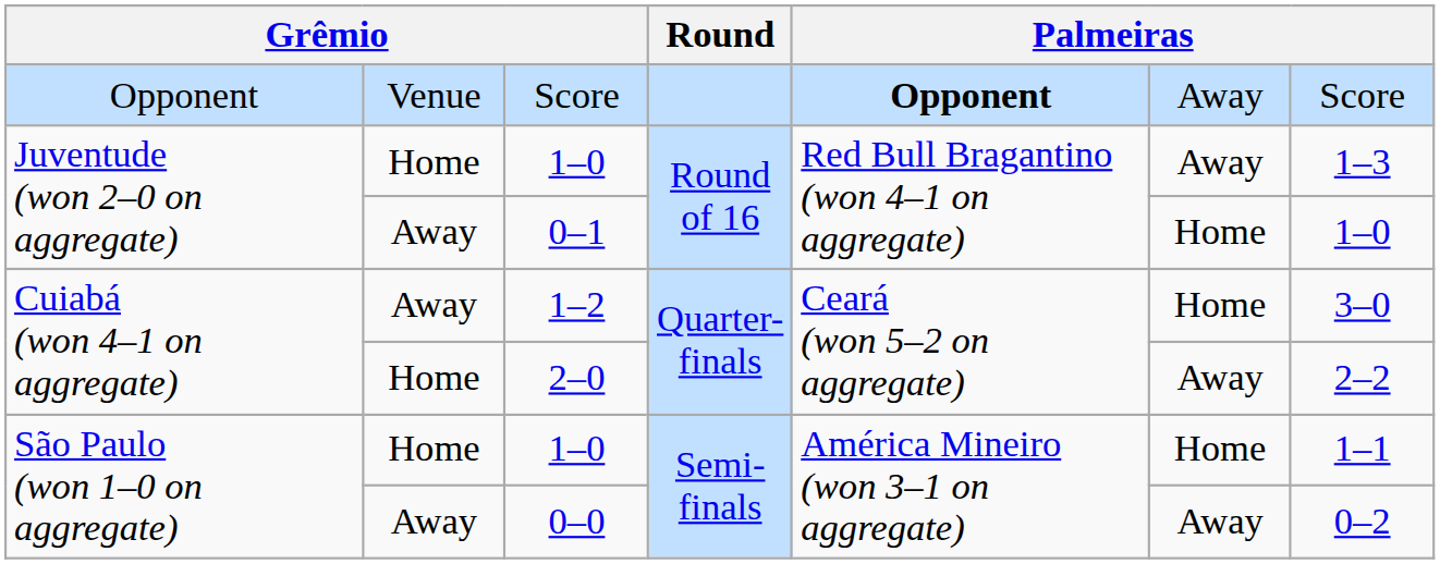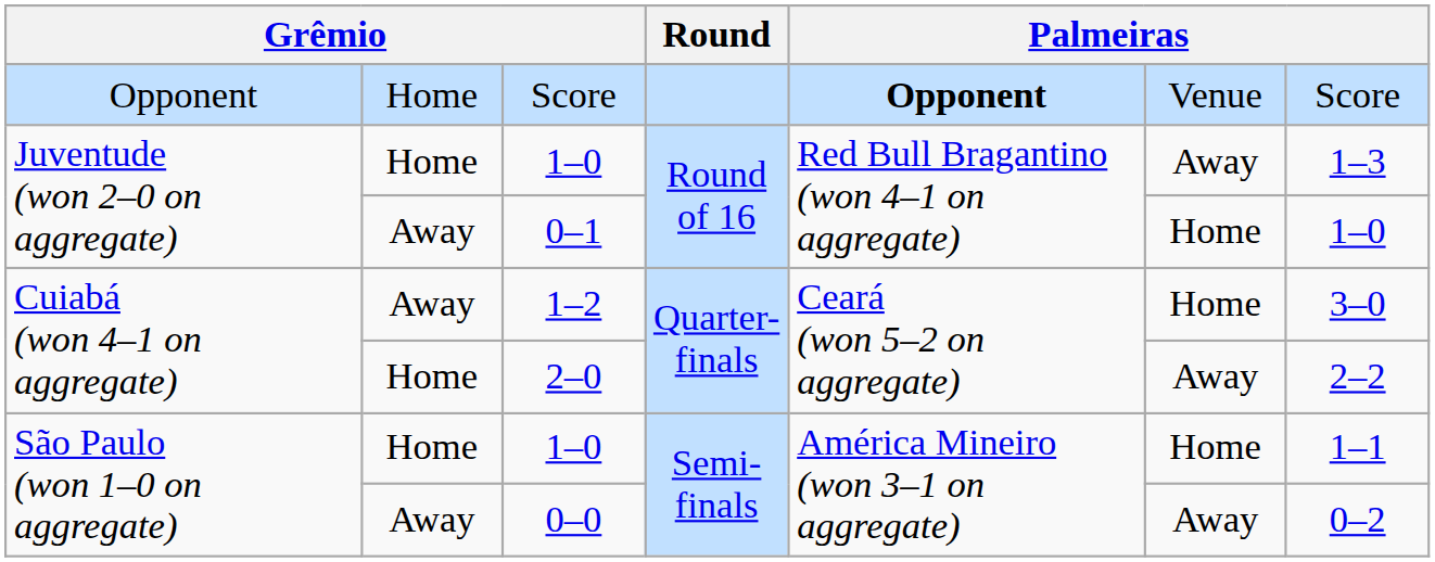 <table class="wikitable" style="text-align: center;">
 <tr>
 <th colspan=3> <a href='#'>Grêmio</a></th>
 <th>Round</th>
 <th colspan=3> <a href='#'>Palmeiras</a></th>
 </tr>
 <tr bgcolor=#c1e0ff>
 <td width=25%>Opponent</td>
-<td width=10%>Venue</td>
+<td>Home</td>
 <td width=10%>Score</td>
 <td width=10%></td>
 <td width=25%><strong>Opponent</strong></td>
-<td>Away</td>
+<td width=10%>Venue</td>
 <td width=10%>Score</td>
 </tr>
 <tr>
 <td rowspan=2 align=left> <a href='#'>Juventude</a><br><em>(won 2–0 on aggregate)</em></td>
 <td>Home</td>
 <td><a href='#'>1–0</a></td>
 <td rowspan=2 bgcolor=#c1e0ff><a href='#'>Round of 16</a></td>
 <td rowspan=2 align=left> <a href='#'>Red Bull Bragantino</a><br><em>(won 4–1 on aggregate)</em></td>
 <td>Away</td>
 <td><a href='#'>1–3</a></td>
 </tr>
 <tr>
 <td>Away</td>
 <td><a href='#'>0–1</a></td>
 <td>Home</td>
 <td><a href='#'>1–0</a></td>
 </tr>
 <tr>
 <td rowspan=2 align=left> <a href='#'>Cuiabá</a><br><em>(won 4–1 on aggregate)</em></td>
 <td>Away</td>
 <td><a href='#'>1–2</a></td>
 <td rowspan=2 bgcolor=#c1e0ff><a href='#'>Quarter-finals</a></td>
 <td rowspan=2 align=left> <a href='#'>Ceará</a><br><em>(won 5–2 on aggregate)</em></td>
 <td>Home</td>
 <td><a href='#'>3–0</a></td>
 </tr>
 <tr>
 <td>Home</td>
 <td><a href='#'>2–0</a></td>
 <td>Away</td>
 <td><a href='#'>2–2</a></td>
 </tr>
 <tr>
 <td rowspan=2 align=left> <a href='#'>São Paulo</a><br><em>(won 1–0 on aggregate)</em></td>
 <td>Home</td>
 <td><a href='#'>1–0</a></td>
 <td rowspan=2 bgcolor=#c1e0ff><a href='#'>Semi-finals</a></td>
 <td rowspan=2 align=left> <a href='#'>América Mineiro</a><br><em>(won 3–1 on aggregate)</em></td>
 <td>Home</td>
 <td><a href='#'>1–1</a></td>
 </tr>
 <tr>
 <td>Away</td>
 <td><a href='#'>0–0</a></td>
 <td>Away</td>
 <td><a href='#'>0–2</a></td>
 </tr>
 </table>
